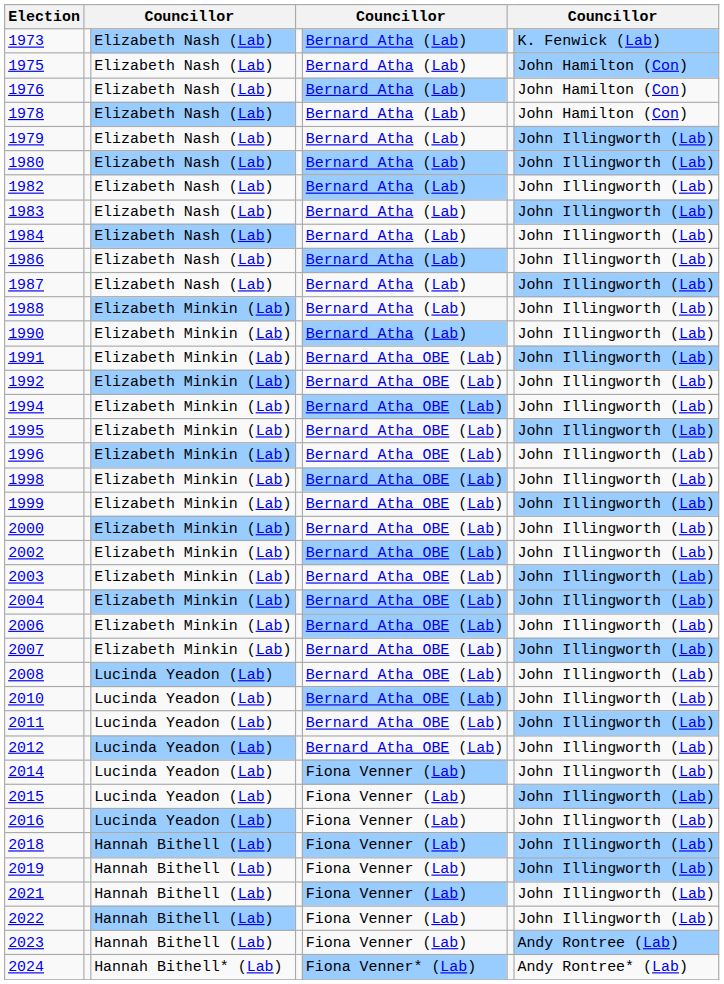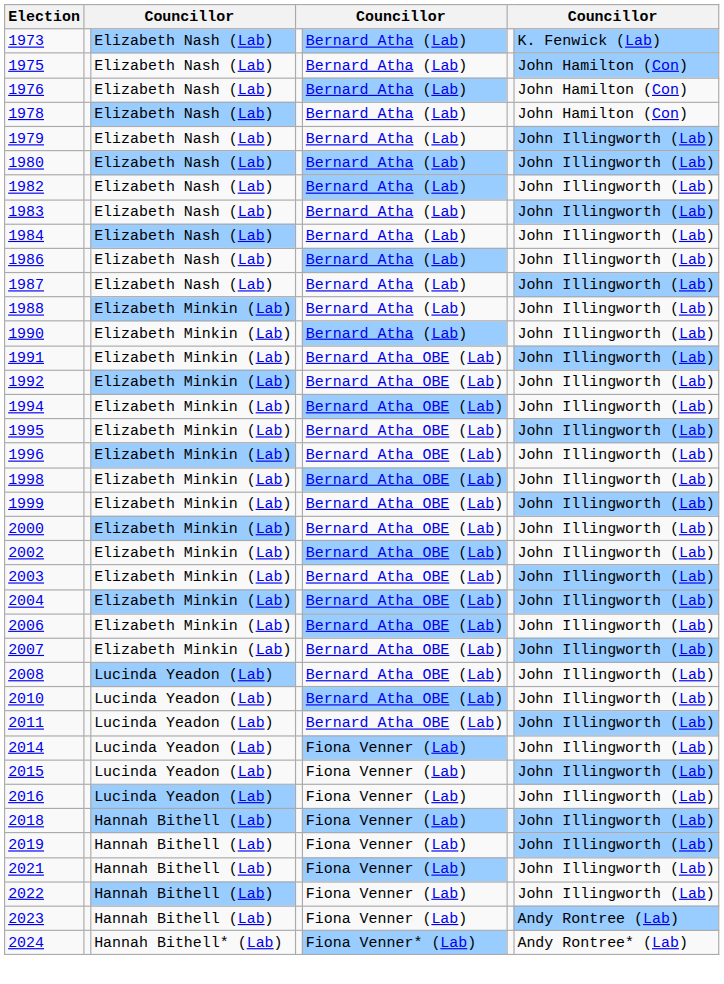 <table class="wikitable">
 <tr>
 <th>Election</th>
 <th colspan="2">Councillor</th>
 <th colspan="2">Councillor</th>
 <th colspan="2">Councillor</th>
 </tr>
 <tr>
 <td><a href='#'>1973</a></td>
 <td style="background-color: "></td>
 <td bgcolor="#99CCFF">Elizabeth Nash (<a href='#'>Lab</a>)</td>
 <td style="background-color: "></td>
 <td bgcolor="#99CCFF"><a href='#'>Bernard Atha</a> (<a href='#'>Lab</a>)</td>
 <td style="background-color: "></td>
 <td bgcolor="#99CCFF">K. Fenwick (<a href='#'>Lab</a>)</td>
 </tr>
 <tr>
 <td><a href='#'>1975</a></td>
 <td style="background-color: "></td>
 <td>Elizabeth Nash (<a href='#'>Lab</a>)</td>
 <td style="background-color: "></td>
 <td><a href='#'>Bernard Atha</a> (<a href='#'>Lab</a>)</td>
 <td style="background-color: "></td>
 <td bgcolor="#99CCFF">John Hamilton (<a href='#'>Con</a>)</td>
 </tr>
 <tr>
 <td><a href='#'>1976</a></td>
 <td style="background-color: "></td>
 <td>Elizabeth Nash (<a href='#'>Lab</a>)</td>
 <td style="background-color: "></td>
 <td bgcolor="#99CCFF"><a href='#'>Bernard Atha</a> (<a href='#'>Lab</a>)</td>
 <td style="background-color: "></td>
 <td>John Hamilton (<a href='#'>Con</a>)</td>
 </tr>
 <tr>
 <td><a href='#'>1978</a></td>
 <td style="background-color: "></td>
 <td bgcolor="#99CCFF">Elizabeth Nash (<a href='#'>Lab</a>)</td>
 <td style="background-color: "></td>
 <td><a href='#'>Bernard Atha</a> (<a href='#'>Lab</a>)</td>
 <td style="background-color: "></td>
 <td>John Hamilton (<a href='#'>Con</a>)</td>
 </tr>
 <tr>
 <td><a href='#'>1979</a></td>
 <td style="background-color: "></td>
 <td>Elizabeth Nash (<a href='#'>Lab</a>)</td>
 <td style="background-color: "></td>
 <td><a href='#'>Bernard Atha</a> (<a href='#'>Lab</a>)</td>
 <td style="background-color: "></td>
 <td bgcolor="#99CCFF">John Illingworth (<a href='#'>Lab</a>)<br></td>
 </tr>
 <tr>
 <td><a href='#'>1980</a></td>
 <td style="background-color: "></td>
 <td bgcolor="#99CCFF">Elizabeth Nash (<a href='#'>Lab</a>)</td>
 <td style="background-color: "></td>
 <td bgcolor="#99CCFF"><a href='#'>Bernard Atha</a> (<a href='#'>Lab</a>)</td>
 <td style="background-color: "></td>
 <td bgcolor="#99CCFF">John Illingworth (<a href='#'>Lab</a>)</td>
 </tr>
 <tr>
 <td><a href='#'>1982</a></td>
 <td style="background-color: "></td>
 <td>Elizabeth Nash (<a href='#'>Lab</a>)</td>
 <td style="background-color: "></td>
 <td bgcolor="#99CCFF"><a href='#'>Bernard Atha</a> (<a href='#'>Lab</a>)</td>
 <td style="background-color: "></td>
 <td>John Illingworth (<a href='#'>Lab</a>)</td>
 </tr>
 <tr>
 <td><a href='#'>1983</a></td>
 <td style="background-color: "></td>
 <td>Elizabeth Nash (<a href='#'>Lab</a>)</td>
 <td style="background-color: "></td>
 <td><a href='#'>Bernard Atha</a> (<a href='#'>Lab</a>)</td>
 <td style="background-color: "></td>
 <td bgcolor="#99CCFF">John Illingworth (<a href='#'>Lab</a>)</td>
 </tr>
 <tr>
 <td><a href='#'>1984</a></td>
 <td style="background-color: "></td>
 <td bgcolor="#99CCFF">Elizabeth Nash (<a href='#'>Lab</a>)</td>
 <td style="background-color: "></td>
 <td><a href='#'>Bernard Atha</a> (<a href='#'>Lab</a>)</td>
 <td style="background-color: "></td>
 <td>John Illingworth (<a href='#'>Lab</a>)</td>
 </tr>
 <tr>
 <td><a href='#'>1986</a></td>
 <td style="background-color: "></td>
 <td>Elizabeth Nash (<a href='#'>Lab</a>)</td>
 <td style="background-color: "></td>
 <td bgcolor="#99CCFF"><a href='#'>Bernard Atha</a> (<a href='#'>Lab</a>)</td>
 <td style="background-color: "></td>
 <td>John Illingworth (<a href='#'>Lab</a>)</td>
 </tr>
 <tr>
 <td><a href='#'>1987</a></td>
 <td style="background-color: "></td>
 <td>Elizabeth Nash (<a href='#'>Lab</a>)</td>
 <td style="background-color: "></td>
 <td><a href='#'>Bernard Atha</a> (<a href='#'>Lab</a>)</td>
 <td style="background-color: "></td>
 <td bgcolor="#99CCFF">John Illingworth (<a href='#'>Lab</a>)</td>
 </tr>
 <tr>
 <td><a href='#'>1988</a></td>
 <td style="background-color: "></td>
 <td bgcolor="#99CCFF">Elizabeth Minkin (<a href='#'>Lab</a>)</td>
 <td style="background-color: "></td>
 <td><a href='#'>Bernard Atha</a> (<a href='#'>Lab</a>)</td>
 <td style="background-color: "></td>
 <td>John Illingworth (<a href='#'>Lab</a>)</td>
 </tr>
 <tr>
 <td><a href='#'>1990</a></td>
 <td style="background-color: "></td>
 <td>Elizabeth Minkin (<a href='#'>Lab</a>)</td>
 <td style="background-color: "></td>
 <td bgcolor="#99CCFF"><a href='#'>Bernard Atha</a> (<a href='#'>Lab</a>)</td>
 <td style="background-color: "></td>
 <td>John Illingworth (<a href='#'>Lab</a>)</td>
 </tr>
 <tr>
 <td><a href='#'>1991</a></td>
 <td style="background-color: "></td>
 <td>Elizabeth Minkin (<a href='#'>Lab</a>)</td>
 <td style="background-color: "></td>
 <td><a href='#'>Bernard Atha OBE</a> (<a href='#'>Lab</a>)</td>
 <td style="background-color: "></td>
 <td bgcolor="#99CCFF">John Illingworth (<a href='#'>Lab</a>)</td>
 </tr>
 <tr>
 <td><a href='#'>1992</a></td>
 <td style="background-color: "></td>
 <td bgcolor="#99CCFF">Elizabeth Minkin (<a href='#'>Lab</a>)</td>
 <td style="background-color: "></td>
 <td><a href='#'>Bernard Atha OBE</a> (<a href='#'>Lab</a>)</td>
 <td style="background-color: "></td>
 <td>John Illingworth (<a href='#'>Lab</a>)</td>
 </tr>
 <tr>
 <td><a href='#'>1994</a></td>
 <td style="background-color: "></td>
 <td>Elizabeth Minkin (<a href='#'>Lab</a>)</td>
 <td style="background-color: "></td>
 <td bgcolor="#99CCFF"><a href='#'>Bernard Atha OBE</a> (<a href='#'>Lab</a>)</td>
 <td style="background-color: "></td>
 <td>John Illingworth (<a href='#'>Lab</a>)</td>
 </tr>
 <tr>
 <td><a href='#'>1995</a></td>
 <td style="background-color: "></td>
 <td>Elizabeth Minkin (<a href='#'>Lab</a>)</td>
 <td style="background-color: "></td>
 <td><a href='#'>Bernard Atha OBE</a> (<a href='#'>Lab</a>)</td>
 <td style="background-color: "></td>
 <td bgcolor="#99CCFF">John Illingworth (<a href='#'>Lab</a>)</td>
 </tr>
 <tr>
 <td><a href='#'>1996</a></td>
 <td style="background-color: "></td>
 <td bgcolor="#99CCFF">Elizabeth Minkin (<a href='#'>Lab</a>)</td>
 <td style="background-color: "></td>
 <td><a href='#'>Bernard Atha OBE</a> (<a href='#'>Lab</a>)</td>
 <td style="background-color: "></td>
 <td>John Illingworth (<a href='#'>Lab</a>)</td>
 </tr>
 <tr>
 <td><a href='#'>1998</a></td>
 <td style="background-color: "></td>
 <td>Elizabeth Minkin (<a href='#'>Lab</a>)</td>
 <td style="background-color: "></td>
 <td bgcolor="#99CCFF"><a href='#'>Bernard Atha OBE</a> (<a href='#'>Lab</a>)</td>
 <td style="background-color: "></td>
 <td>John Illingworth (<a href='#'>Lab</a>)</td>
 </tr>
 <tr>
 <td><a href='#'>1999</a></td>
 <td style="background-color: "></td>
 <td>Elizabeth Minkin (<a href='#'>Lab</a>)</td>
 <td style="background-color: "></td>
 <td><a href='#'>Bernard Atha OBE</a> (<a href='#'>Lab</a>)</td>
 <td style="background-color: "></td>
 <td bgcolor="#99CCFF">John Illingworth (<a href='#'>Lab</a>)</td>
 </tr>
 <tr>
 <td><a href='#'>2000</a></td>
 <td style="background-color: "></td>
 <td bgcolor="#99CCFF">Elizabeth Minkin (<a href='#'>Lab</a>)</td>
 <td style="background-color: "></td>
 <td><a href='#'>Bernard Atha OBE</a> (<a href='#'>Lab</a>)</td>
 <td style="background-color: "></td>
 <td>John Illingworth (<a href='#'>Lab</a>)</td>
 </tr>
 <tr>
 <td><a href='#'>2002</a></td>
 <td style="background-color: "></td>
 <td>Elizabeth Minkin (<a href='#'>Lab</a>)</td>
 <td style="background-color: "></td>
 <td bgcolor="#99CCFF"><a href='#'>Bernard Atha OBE</a> (<a href='#'>Lab</a>)</td>
 <td style="background-color: "></td>
 <td>John Illingworth (<a href='#'>Lab</a>)</td>
 </tr>
 <tr>
 <td><a href='#'>2003</a></td>
 <td style="background-color: "></td>
 <td>Elizabeth Minkin (<a href='#'>Lab</a>)</td>
 <td style="background-color: "></td>
 <td><a href='#'>Bernard Atha OBE</a> (<a href='#'>Lab</a>)</td>
 <td style="background-color: "></td>
 <td bgcolor="#99CCFF">John Illingworth (<a href='#'>Lab</a>)</td>
 </tr>
 <tr>
 <td><a href='#'>2004</a></td>
 <td style="background-color: "></td>
 <td bgcolor="#99CCFF">Elizabeth Minkin (<a href='#'>Lab</a>)</td>
 <td style="background-color: "></td>
 <td bgcolor="#99CCFF"><a href='#'>Bernard Atha OBE</a> (<a href='#'>Lab</a>)</td>
 <td style="background-color: "></td>
 <td bgcolor="#99CCFF">John Illingworth (<a href='#'>Lab</a>)</td>
 </tr>
 <tr>
 <td><a href='#'>2006</a></td>
 <td style="background-color: "></td>
 <td>Elizabeth Minkin (<a href='#'>Lab</a>)</td>
 <td style="background-color: "></td>
 <td bgcolor="#99CCFF"><a href='#'>Bernard Atha OBE</a> (<a href='#'>Lab</a>)</td>
 <td style="background-color: "></td>
 <td>John Illingworth (<a href='#'>Lab</a>)</td>
 </tr>
 <tr>
 <td><a href='#'>2007</a></td>
 <td style="background-color: "></td>
 <td>Elizabeth Minkin (<a href='#'>Lab</a>)</td>
 <td style="background-color: "></td>
 <td><a href='#'>Bernard Atha OBE</a> (<a href='#'>Lab</a>)</td>
 <td style="background-color: "></td>
 <td bgcolor="#99CCFF">John Illingworth (<a href='#'>Lab</a>)</td>
 </tr>
 <tr>
 <td><a href='#'>2008</a></td>
 <td style="background-color: "></td>
 <td bgcolor="#99CCFF">Lucinda Yeadon (<a href='#'>Lab</a>)</td>
 <td style="background-color: "></td>
 <td><a href='#'>Bernard Atha OBE</a> (<a href='#'>Lab</a>)</td>
 <td style="background-color: "></td>
 <td>John Illingworth (<a href='#'>Lab</a>)</td>
 </tr>
 <tr>
 <td><a href='#'>2010</a></td>
 <td style="background-color: "></td>
 <td>Lucinda Yeadon (<a href='#'>Lab</a>)</td>
 <td style="background-color: "></td>
 <td bgcolor="#99CCFF"><a href='#'>Bernard Atha OBE</a> (<a href='#'>Lab</a>)</td>
 <td style="background-color: "></td>
 <td>John Illingworth (<a href='#'>Lab</a>)</td>
 </tr>
 <tr>
 <td><a href='#'>2011</a></td>
 <td style="background-color: "></td>
 <td>Lucinda Yeadon (<a href='#'>Lab</a>)</td>
 <td style="background-color: "></td>
 <td><a href='#'>Bernard Atha OBE</a> (<a href='#'>Lab</a>)</td>
 <td style="background-color: "></td>
 <td bgcolor="#99CCFF">John Illingworth (<a href='#'>Lab</a>)</td>
 </tr>
 <tr>
-<td><a href='#'>2012</a></td>
-<td style="background-color: "></td>
-<td bgcolor="#99CCFF">Lucinda Yeadon (<a href='#'>Lab</a>)</td>
-<td style="background-color: "></td>
-<td><a href='#'>Bernard Atha OBE</a> (<a href='#'>Lab</a>)</td>
-<td style="background-color: "></td>
-<td>John Illingworth (<a href='#'>Lab</a>)</td>
-</tr>
-<tr>
 <td><a href='#'>2014</a></td>
 <td style="background-color: "></td>
 <td>Lucinda Yeadon (<a href='#'>Lab</a>)</td>
 <td style="background-color: "></td>
 <td bgcolor="#99CCFF">Fiona Venner (<a href='#'>Lab</a>)</td>
 <td style="background-color: "></td>
 <td>John Illingworth (<a href='#'>Lab</a>)</td>
 </tr>
 <tr>
 <td><a href='#'>2015</a></td>
 <td style="background-color: "></td>
 <td>Lucinda Yeadon (<a href='#'>Lab</a>)</td>
 <td style="background-color: "></td>
 <td>Fiona Venner (<a href='#'>Lab</a>)</td>
 <td style="background-color: "></td>
 <td bgcolor="#99CCFF">John Illingworth (<a href='#'>Lab</a>)</td>
 </tr>
 <tr>
 <td><a href='#'>2016</a></td>
 <td style="background-color: "></td>
 <td bgcolor="#99CCFF">Lucinda Yeadon (<a href='#'>Lab</a>)</td>
 <td style="background-color: "></td>
 <td>Fiona Venner (<a href='#'>Lab</a>)</td>
 <td style="background-color: "></td>
 <td>John Illingworth (<a href='#'>Lab</a>)</td>
 </tr>
 <tr>
 <td><a href='#'>2018</a></td>
 <td style="background-color: "></td>
 <td bgcolor="#99CCFF">Hannah Bithell (<a href='#'>Lab</a>)</td>
 <td style="background-color: "></td>
 <td bgcolor="#99CCFF">Fiona Venner (<a href='#'>Lab</a>)</td>
 <td style="background-color: "></td>
 <td bgcolor="#99CCFF">John Illingworth (<a href='#'>Lab</a>)</td>
 </tr>
 <tr>
 <td><a href='#'>2019</a></td>
 <td style="background-color: "></td>
 <td>Hannah Bithell (<a href='#'>Lab</a>)</td>
 <td style="background-color: "></td>
 <td>Fiona Venner (<a href='#'>Lab</a>)</td>
 <td style="background-color: "></td>
 <td bgcolor="#99CCFF">John Illingworth (<a href='#'>Lab</a>)</td>
 </tr>
 <tr>
 <td><a href='#'>2021</a></td>
 <td style="background-color: "></td>
 <td>Hannah Bithell (<a href='#'>Lab</a>)</td>
 <td style="background-color: "></td>
 <td bgcolor="#99CCFF">Fiona Venner (<a href='#'>Lab</a>)</td>
 <td style="background-color: "></td>
 <td>John Illingworth (<a href='#'>Lab</a>)</td>
 </tr>
 <tr>
 <td><a href='#'>2022</a></td>
 <td style="background-color: "></td>
 <td bgcolor="#99CCFF">Hannah Bithell (<a href='#'>Lab</a>)</td>
 <td style="background-color: "></td>
 <td>Fiona Venner (<a href='#'>Lab</a>)</td>
 <td style="background-color: "></td>
 <td>John Illingworth (<a href='#'>Lab</a>)</td>
 </tr>
 <tr>
 <td><a href='#'>2023</a></td>
 <td style="background-color: "></td>
 <td>Hannah Bithell (<a href='#'>Lab</a>)</td>
 <td style="background-color: "></td>
 <td>Fiona Venner (<a href='#'>Lab</a>)</td>
 <td style="background-color: "></td>
 <td bgcolor="#99CCFF">Andy Rontree (<a href='#'>Lab</a>)</td>
 </tr>
 <tr>
 <td><a href='#'>2024</a></td>
 <td style="background-color: "></td>
 <td>Hannah Bithell* (<a href='#'>Lab</a>)</td>
 <td style="background-color: "></td>
 <td bgcolor="#99CCFF">Fiona Venner* (<a href='#'>Lab</a>)</td>
 <td style="background-color: "></td>
 <td>Andy Rontree* (<a href='#'>Lab</a>)</td>
 </tr>
 </table>
